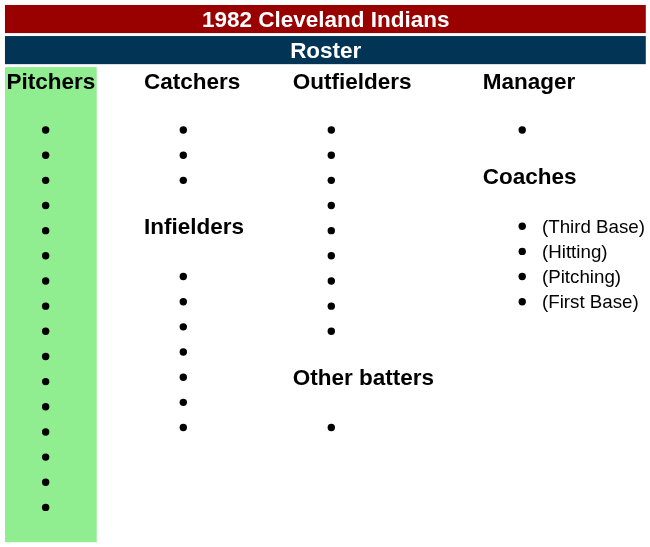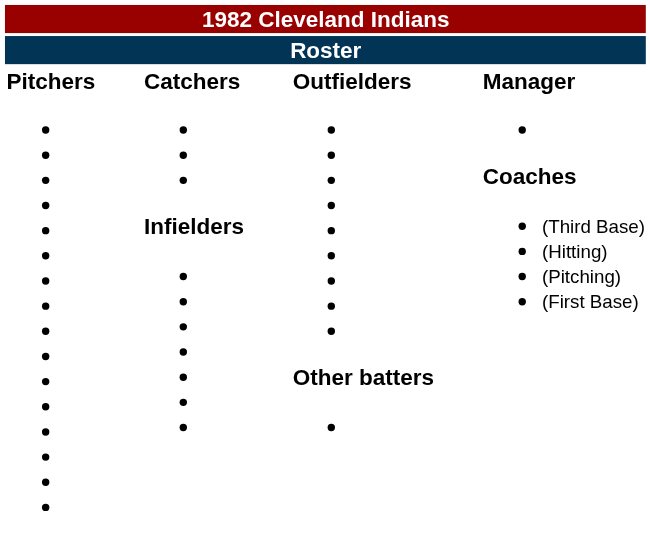 <table class="toccolours" style="font-size: 95%;">
 <tr>
 <th colspan="10" style="background-color: #990000; color: white; text-align: center;">1982 Cleveland Indians</th>
 </tr>
 <tr>
 <td colspan="10" style="background-color: #023456; color: white; text-align: center;"><strong>Roster</strong></td>
 </tr>
 <tr>
-<td valign="top" style="background: lightgreen;"><strong>Pitchers</strong><br><ul><li></li><li></li><li></li><li></li><li></li><li></li><li></li><li></li><li></li><li></li><li></li><li></li><li></li><li></li><li></li><li></li></ul></td>
+<td valign="top"><strong>Pitchers</strong><br><ul><li></li><li></li><li></li><li></li><li></li><li></li><li></li><li></li><li></li><li></li><li></li><li></li><li></li><li></li><li></li><li></li></ul></td>
 <td width="25px"></td>
 <td valign="top"><strong>Catchers</strong><br><ul><li></li><li></li><li></li></ul><strong>Infielders</strong><ul><li></li><li></li><li></li><li></li><li></li><li></li><li></li></ul></td>
 <td width="25px"></td>
 <td valign="top"><strong>Outfielders</strong><br><ul><li></li><li></li><li></li><li></li><li></li><li></li><li></li><li></li><li></li></ul><strong>Other batters</strong><ul><li></li></ul></td>
 <td width="25px"></td>
 <td valign="top"><strong>Manager</strong><br><ul><li></li></ul><strong>Coaches</strong><ul><li> <small>(Third Base)</small></li><li> <small>(Hitting)</small></li><li> <small>(Pitching)</small></li><li> <small>(First Base)</small></li></ul></td>
 </tr>
 </table>
